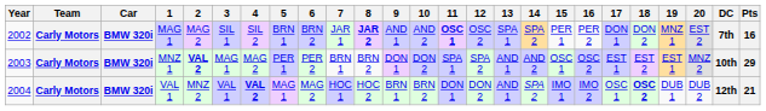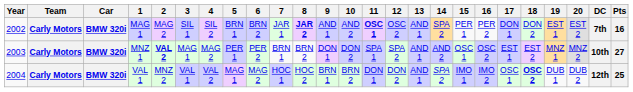 <table class="wikitable" style="text-align:center; font-size:85%">
 <tr>
 <th>Year</th>
 <th>Team</th>
 <th>Car</th>
 <th>1</th>
 <th>2</th>
 <th>3</th>
 <th>4</th>
 <th>5</th>
 <th>6</th>
 <th>7</th>
 <th>8</th>
 <th>9</th>
 <th>10</th>
 <th>11</th>
 <th>12</th>
 <th>13</th>
 <th>14</th>
 <th>15</th>
 <th>16</th>
 <th>17</th>
 <th>18</th>
 <th>19</th>
 <th>20</th>
 <th>DC</th>
 <th>Pts</th>
 </tr>
 <tr>
 <td><a href='#'>2002</a></td>
 <th nowrap><a href='#'>Carly Motors</a></th>
 <th nowrap><a href='#'>BMW 320i</a></th>
 <td style="background:#CFCFFF;"><a href='#'>MAG<br>1</a><br></td>
 <td style="background:#EFCFFF;"><a href='#'>MAG<br>2</a><br></td>
 <td style="background:#CFCFFF;"><a href='#'>SIL<br>1</a><br></td>
 <td style="background:#EFCFFF;"><a href='#'>SIL<br>2</a><br></td>
 <td style="background:#CFCFFF;"><a href='#'>BRN<br>1</a><br></td>
 <td style="background:#CFCFFF;"><a href='#'>BRN<br>2</a><br></td>
 <td style="background:#DFFFDF;"><a href='#'>JAR<br>1</a><br></td>
 <td style="background:#EFCFFF;"><strong><a href='#'>JAR<br>2</a></strong><br></td>
 <td style="background:#CFCFFF;"><a href='#'>AND<br>1</a><br></td>
 <td style="background:#CFCFFF;"><a href='#'>AND<br>2</a><br></td>
 <td style="background:#EFCFFF;"><strong><a href='#'>OSC<br>1</a></strong><br></td>
 <td style="background:#CFCFFF;"><a href='#'>OSC<br>2</a><br></td>
-<td style="background:#CFCFFF;"><a href='#'>SPA<br>1</a><br></td>
+<td style="background:#CFCFFF;"><a href='#'>AND<br>1</a><br></td>
 <td style="background:#FFDF9F;"><a href='#'>SPA<br>2</a><br></td>
 <td><a href='#'>PER<br>1</a></td>
 <td><a href='#'>PER<br>2</a></td>
 <td style="background:#CFCFFF;"><a href='#'>DON<br>1</a><br></td>
 <td style="background:#DFFFDF;"><a href='#'>DON<br>2</a><br></td>
-<td style="background:#FFDF9F;"><a href='#'>MNZ<br>1</a><br></td>
+<td style="background:#FFDF9F;"><a href='#'>EST<br>1</a><br></td>
 <td style="background:#DFDFDF;"><a href='#'>EST<br>2</a><br></td>
 <th>7th</th>
 <th>16</th>
 </tr>
 <tr>
 <td><a href='#'>2003</a></td>
 <th nowrap><a href='#'>Carly Motors</a></th>
 <th nowrap><a href='#'>BMW 320i</a></th>
 <td style="background:#DFFFDF;"><a href='#'>MNZ<br>1</a><br></td>
 <td style="background:#DFFFDF;"><strong><a href='#'>VAL<br>2</a></strong><br></td>
 <td style="background:#DFFFDF;"><a href='#'>MAG<br>1</a><br></td>
 <td style="background:#DFFFDF;"><a href='#'>MAG<br>2</a><br></td>
 <td style="background:#CFCFFF;"><a href='#'>PER<br>1</a><br></td>
 <td style="background:#DFFFDF;"><a href='#'>PER<br>2</a><br></td>
 <td><a href='#'>BRN<br>1</a></td>
 <td><a href='#'>BRN<br>2</a></td>
 <td style="background:#EFCFFF;"><a href='#'>DON<br>1</a><br></td>
 <td style="background:#CFCFFF;"><a href='#'>DON<br>2</a><br></td>
 <td style="background:#CFCFFF;"><a href='#'>SPA<br>1</a><br></td>
 <td style="background:#DFFFDF;"><a href='#'>SPA<br>2</a><br></td>
 <td style="background:#CFCFFF;"><a href='#'>AND<br>1</a><br></td>
 <td style="background:#CFCFFF;"><a href='#'>AND<br>2</a><br></td>
 <td style="background:#DFFFDF;"><a href='#'>OSC<br>1</a><br></td>
 <td style="background:#CFCFFF;"><a href='#'>OSC<br>2</a><br></td>
 <td style="background:#CFCFFF;"><a href='#'>EST<br>1</a><br></td>
 <td style="background:#EFCFFF;"><a href='#'>EST<br>2</a><br></td>
-<td style="background:#FFDF9F;"><a href='#'>EST<br>1</a><br></td>
+<td style="background:#FFDF9F;"><a href='#'>MNZ<br>1</a><br></td>
 <td style="background:#DFDFDF;"><a href='#'>MNZ<br>2</a><br></td>
 <th>10th</th>
-<th>29</th>
+<th>27</th>
 </tr>
 <tr>
 <td><a href='#'>2004</a></td>
 <th nowrap><a href='#'>Carly Motors</a></th>
 <th nowrap><a href='#'>BMW 320i</a></th>
 <td style="background:#DFFFDF;"><a href='#'>VAL<br>1</a><br></td>
 <td style="background:#DFFFDF;"><a href='#'>MNZ<br>2</a><br></td>
 <td style="background:#CFCFFF;"><a href='#'>VAL<br>1</a><br></td>
-<td style="background:#CFCFFF;"><strong><a href='#'>VAL<br>2</a><br></strong></td>
+<td style="background:#CFCFFF;"><a href='#'>VAL<br>2</a><br></td>
 <td style="background:#EFCFFF;"><a href='#'>MAG<br>1</a><br></td>
 <td style="background:#DFFFDF;"><a href='#'>MAG<br>2</a><br></td>
 <td style="background:#CFCFFF;"><a href='#'>HOC<br>1</a><br></td>
 <td style="background:#DFFFDF;"><a href='#'>HOC<br>2</a><br></td>
 <td style="background:#DFFFDF;"><a href='#'>BRN<br>1</a><br></td>
 <td style="background:#DFFFDF;"><a href='#'>BRN<br>2</a><br></td>
 <td style="background:#CFCFFF;"><a href='#'>DON<br>1</a><br></td>
 <td style="background:#DFFFDF;"><a href='#'>DON<br>2</a><br></td>
 <td style="background:#CFCFFF;"><a href='#'>AND<br>1</a><br></td>
 <td style="background:#DFFFDF;"><em><a href='#'>SPA<br>2</a></em><br></td>
 <td style="background:#CFCFFF;"><a href='#'>IMO<br>1</a><br></td>
 <td style="background:#CFCFFF;"><a href='#'>IMO<br>2</a><br></td>
 <td style="background:#DFFFDF;"><a href='#'>OSC<br>1</a><br></td>
 <td style="background:#DFFFDF;"><strong><a href='#'>OSC<br>2</a></strong><br></td>
 <td><a href='#'>DUB<br>1</a></td>
 <td><a href='#'>DUB<br>2</a></td>
 <th>12th</th>
-<th>21</th>
+<th>25</th>
 </tr>
 </table>
